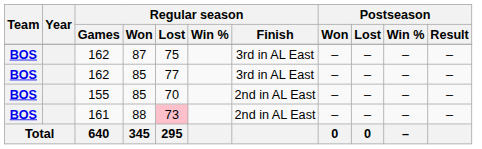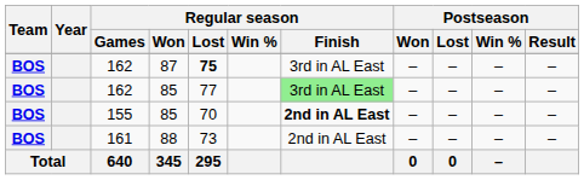 <table class="wikitable" style="font-size: 95%; text-align:center;">
 <tr>
 <th rowspan="2">Team</th>
 <th rowspan="2">Year</th>
 <th colspan="5">Regular season</th>
 <th colspan="4">Postseason</th>
 </tr>
 <tr>
 <th>Games</th>
 <th>Won</th>
 <th>Lost</th>
 <th>Win %</th>
 <th>Finish</th>
 <th>Won</th>
 <th>Lost</th>
 <th>Win %</th>
 <th>Result</th>
 </tr>
 <tr>
 </tr>
 <tr>
 <th><a href='#'>BOS</a></th>
 <th></th>
 <td>162</td>
 <td>87</td>
-<td>75</td>
+<td><strong>75</strong></td>
 <td></td>
 <td>3rd in AL East</td>
 <td>–</td>
 <td>–</td>
 <td>–</td>
 <td>–</td>
 </tr>
 <tr>
 <th><a href='#'>BOS</a></th>
 <th></th>
 <td>162</td>
 <td>85</td>
 <td>77</td>
 <td></td>
-<td>3rd in AL East</td>
+<td style="background: lightgreen;">3rd in AL East</td>
 <td>–</td>
 <td>–</td>
 <td>–</td>
 <td>–</td>
 </tr>
 <tr>
 <th><a href='#'>BOS</a></th>
 <th></th>
 <td>155</td>
 <td>85</td>
 <td>70</td>
 <td></td>
-<td>2nd in AL East</td>
+<td><strong>2nd in AL East</strong></td>
 <td>–</td>
 <td>–</td>
 <td>–</td>
 <td>–</td>
 </tr>
 <tr>
 <th><a href='#'>BOS</a></th>
 <th></th>
 <td>161</td>
 <td>88</td>
-<td style="background: pink;">73</td>
+<td>73</td>
 <td></td>
 <td>2nd in AL East</td>
 <td>–</td>
 <td>–</td>
 <td>–</td>
 <td>–</td>
 </tr>
 <tr>
 <th colspan="2">Total</th>
 <th>640</th>
 <th>345</th>
 <th>295</th>
 <th></th>
 <th></th>
 <th>0</th>
 <th>0</th>
 <th>–</th>
 <th></th>
 </tr>
 </table>
